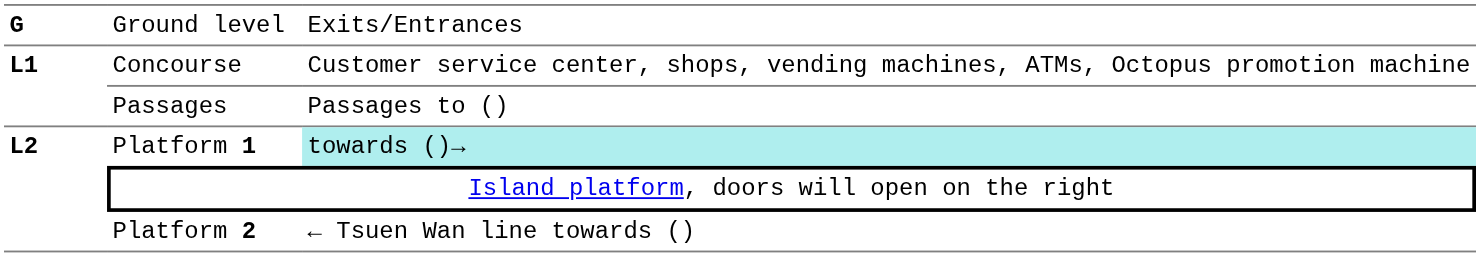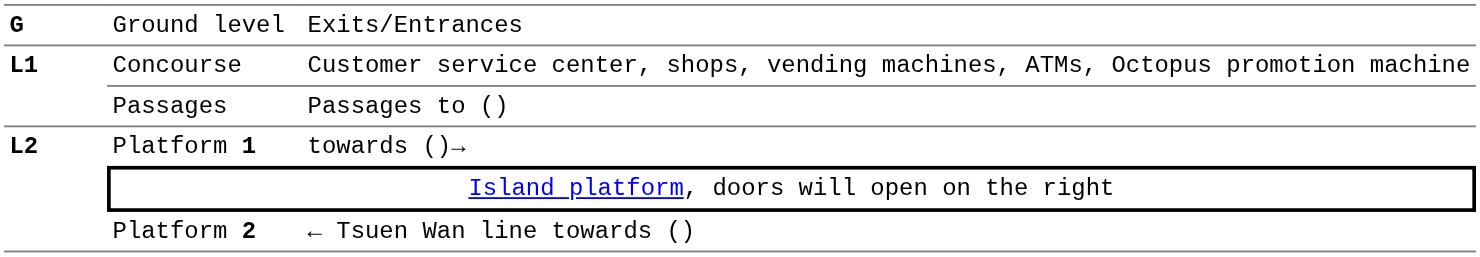 <table border=0 cellspacing=0 cellpadding=3>
 <tr style="vertical-align:top;">
 <td style="border-bottom:solid 1px gray; border-top:solid 1px gray;width:50px;"><strong>G</strong></td>
 <td style="border-top:solid 1px gray; border-bottom:solid 1px gray;width:100px;">Ground level</td>
 <td style="border-top:solid 1px gray; border-bottom:solid 1px gray;">Exits/Entrances</td>
 </tr>
 <tr style="vertical-align:top;">
 <td style="border-bottom:solid 1px gray;" rowspan=2><strong>L1</strong></td>
 <td style="border-bottom:solid 1px gray;">Concourse</td>
 <td style="border-bottom:solid 1px gray;">Customer service center, shops, vending machines, ATMs, Octopus promotion machine</td>
 </tr>
 <tr>
 <td style="border-bottom:solid 1px gray;">Passages</td>
 <td style="border-bottom:solid 1px gray;">Passages to  ()</td>
 </tr>
 <tr style="vertical-align:top;">
 <td style="border-bottom:solid 1px gray;" rowspan=3><strong>L2</strong></td>
 <td>Platform <span><strong>1</strong></span></td>
-<td style="background: paleturquoise;">  towards  ()→</td>
+<td>  towards  ()→</td>
 </tr>
 <tr>
 <td style="border-top:solid 2px black;border-right:solid 2px black;border-left:solid 2px black;border-bottom:solid 2px black;text-align:center;" colspan=2><a href='#'>Island platform</a>, doors will open on the right</td>
 </tr>
 <tr>
 <td style="border-bottom:solid 1px gray;">Platform <span><strong>2</strong></span></td>
 <td style="border-bottom:solid 1px gray;">←  Tsuen Wan line towards  ()</td>
 </tr>
 </table>
